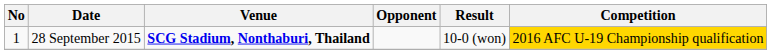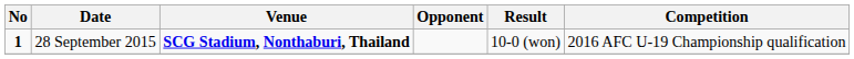 <table class="wikitable">
 <tr>
 <th>No</th>
 <th>Date</th>
 <th>Venue</th>
 <th>Opponent</th>
 <th>Result</th>
 <th>Competition</th>
 </tr>
 <tr>
-<td align=center>1</td>
+<td align=center><strong>1</strong></td>
 <td>28 September 2015</td>
 <td><strong><a href='#'>SCG Stadium</a>, <a href='#'>Nonthaburi</a>, Thailand</strong></td>
 <td></td>
 <td align=center>10-0  (won)</td>
-<td style="background: gold;">2016 AFC U-19 Championship qualification</td>
+<td>2016 AFC U-19 Championship qualification</td>
 </tr>
 <tr>
 </tr>
 </table>
